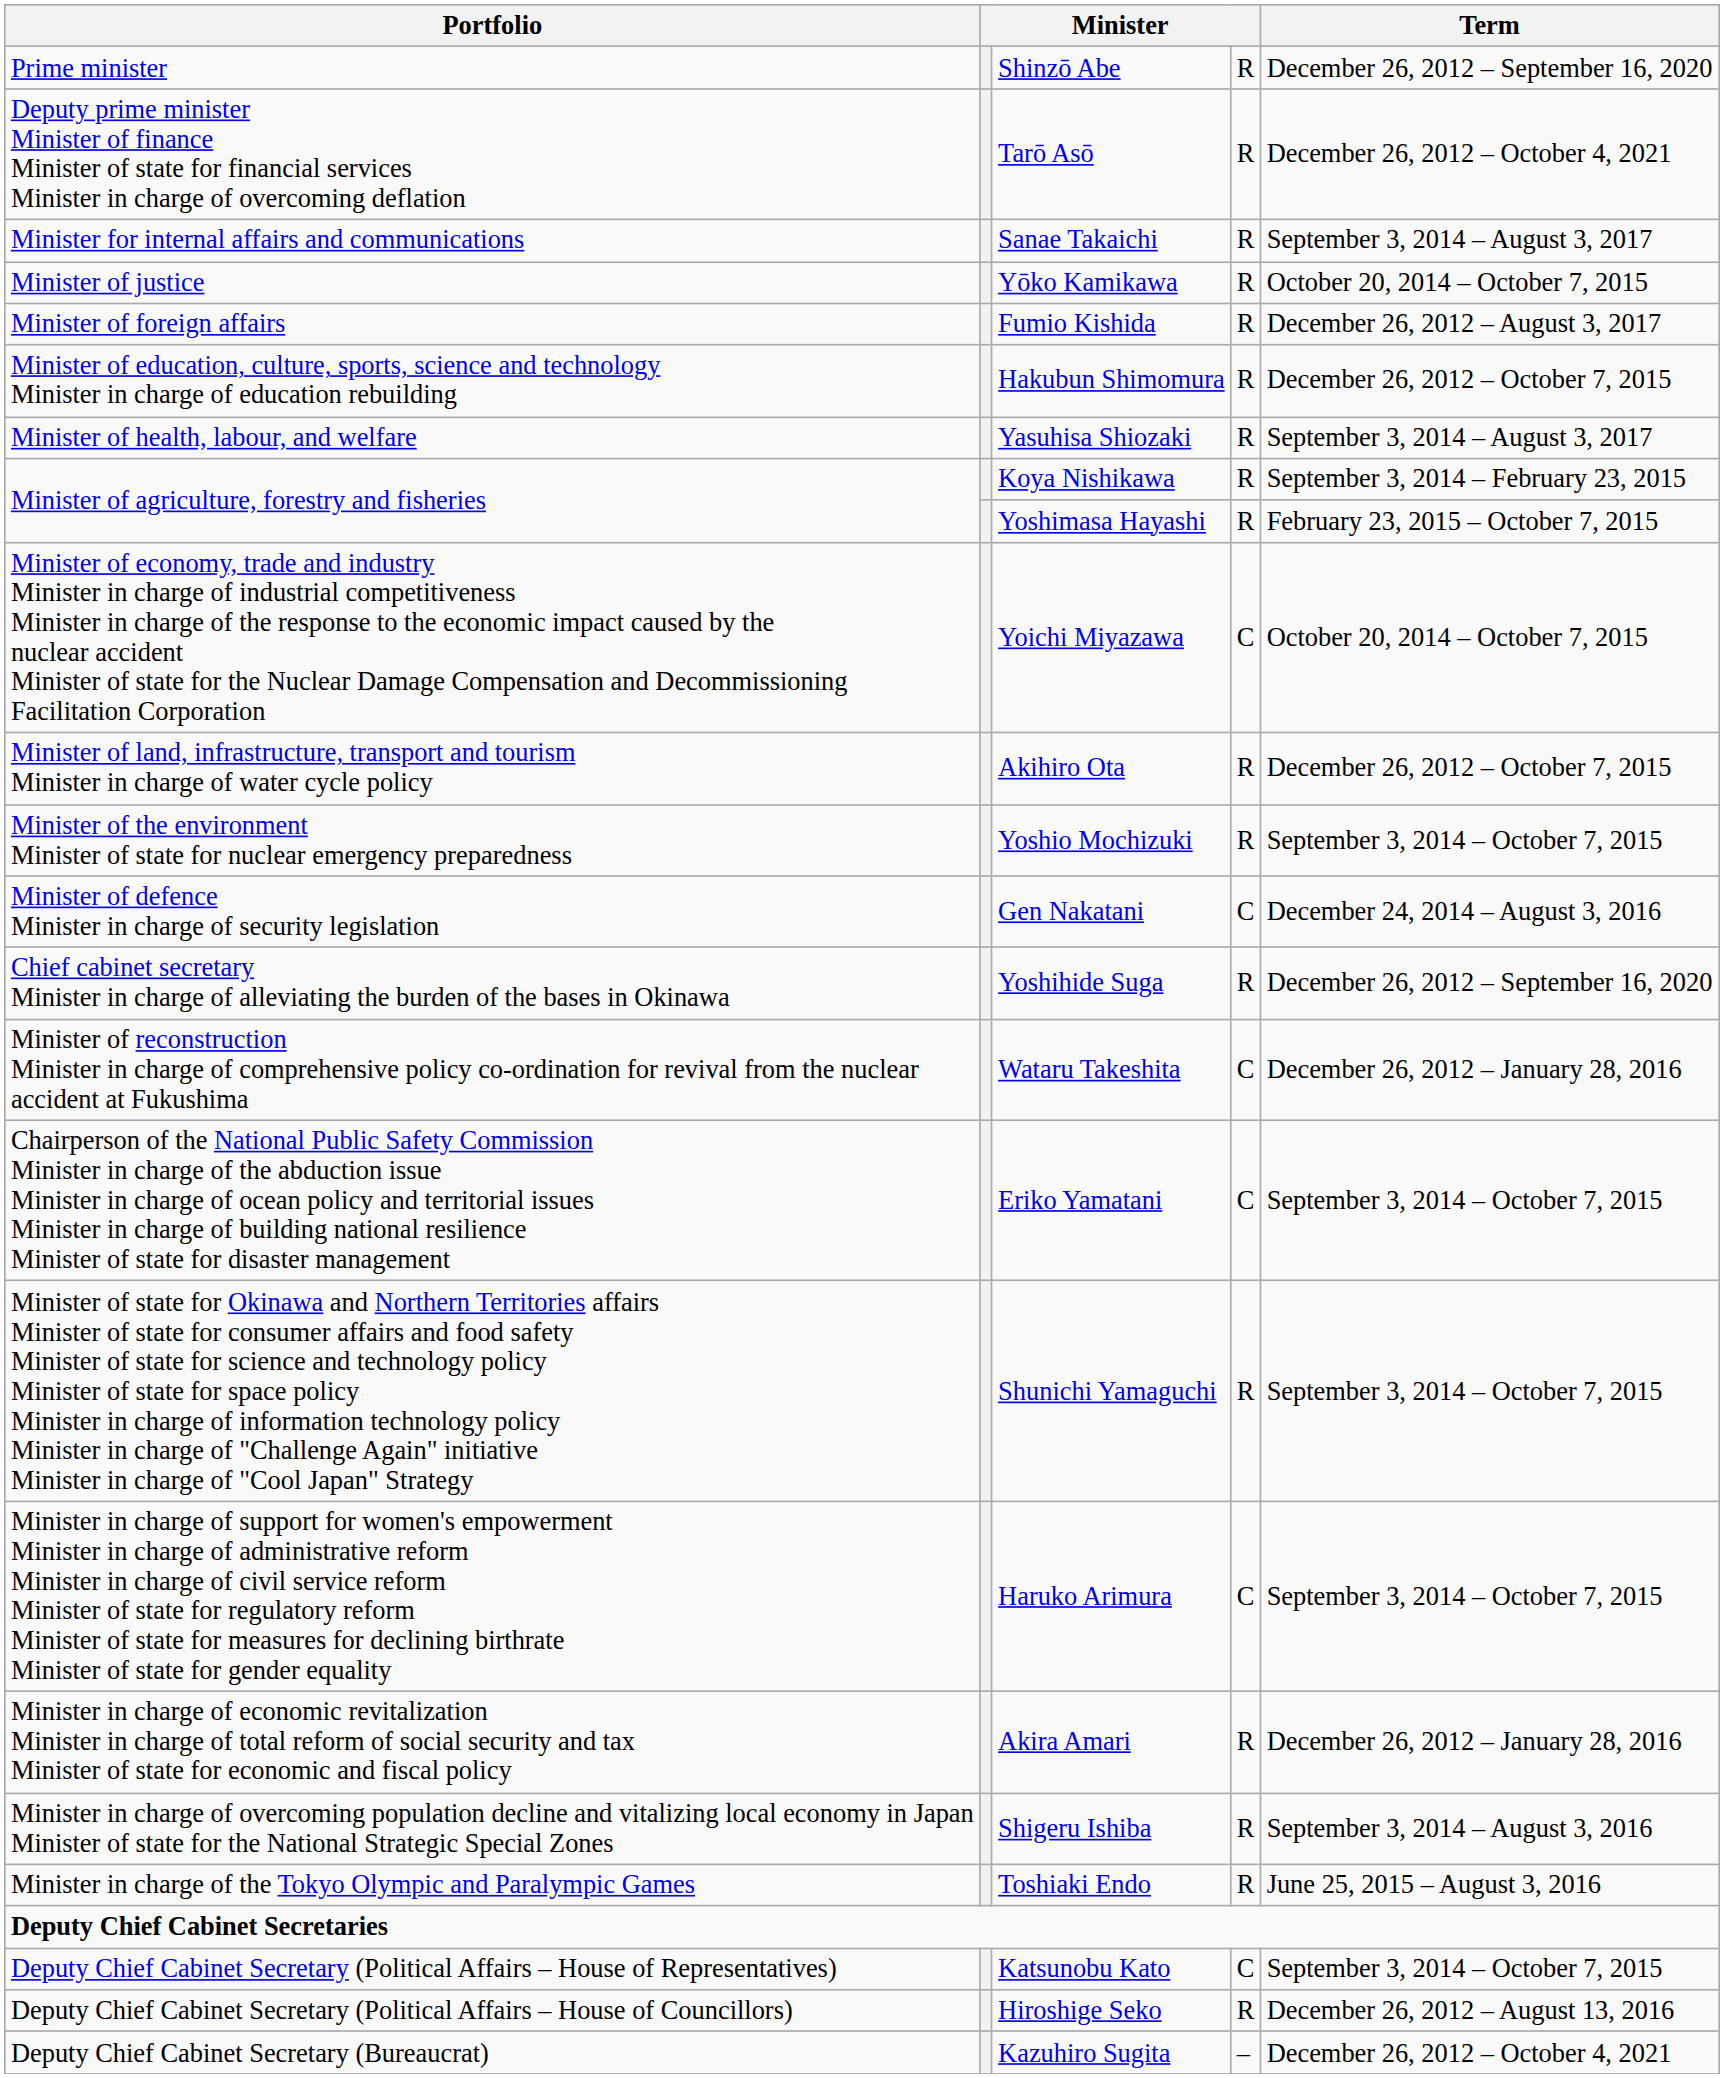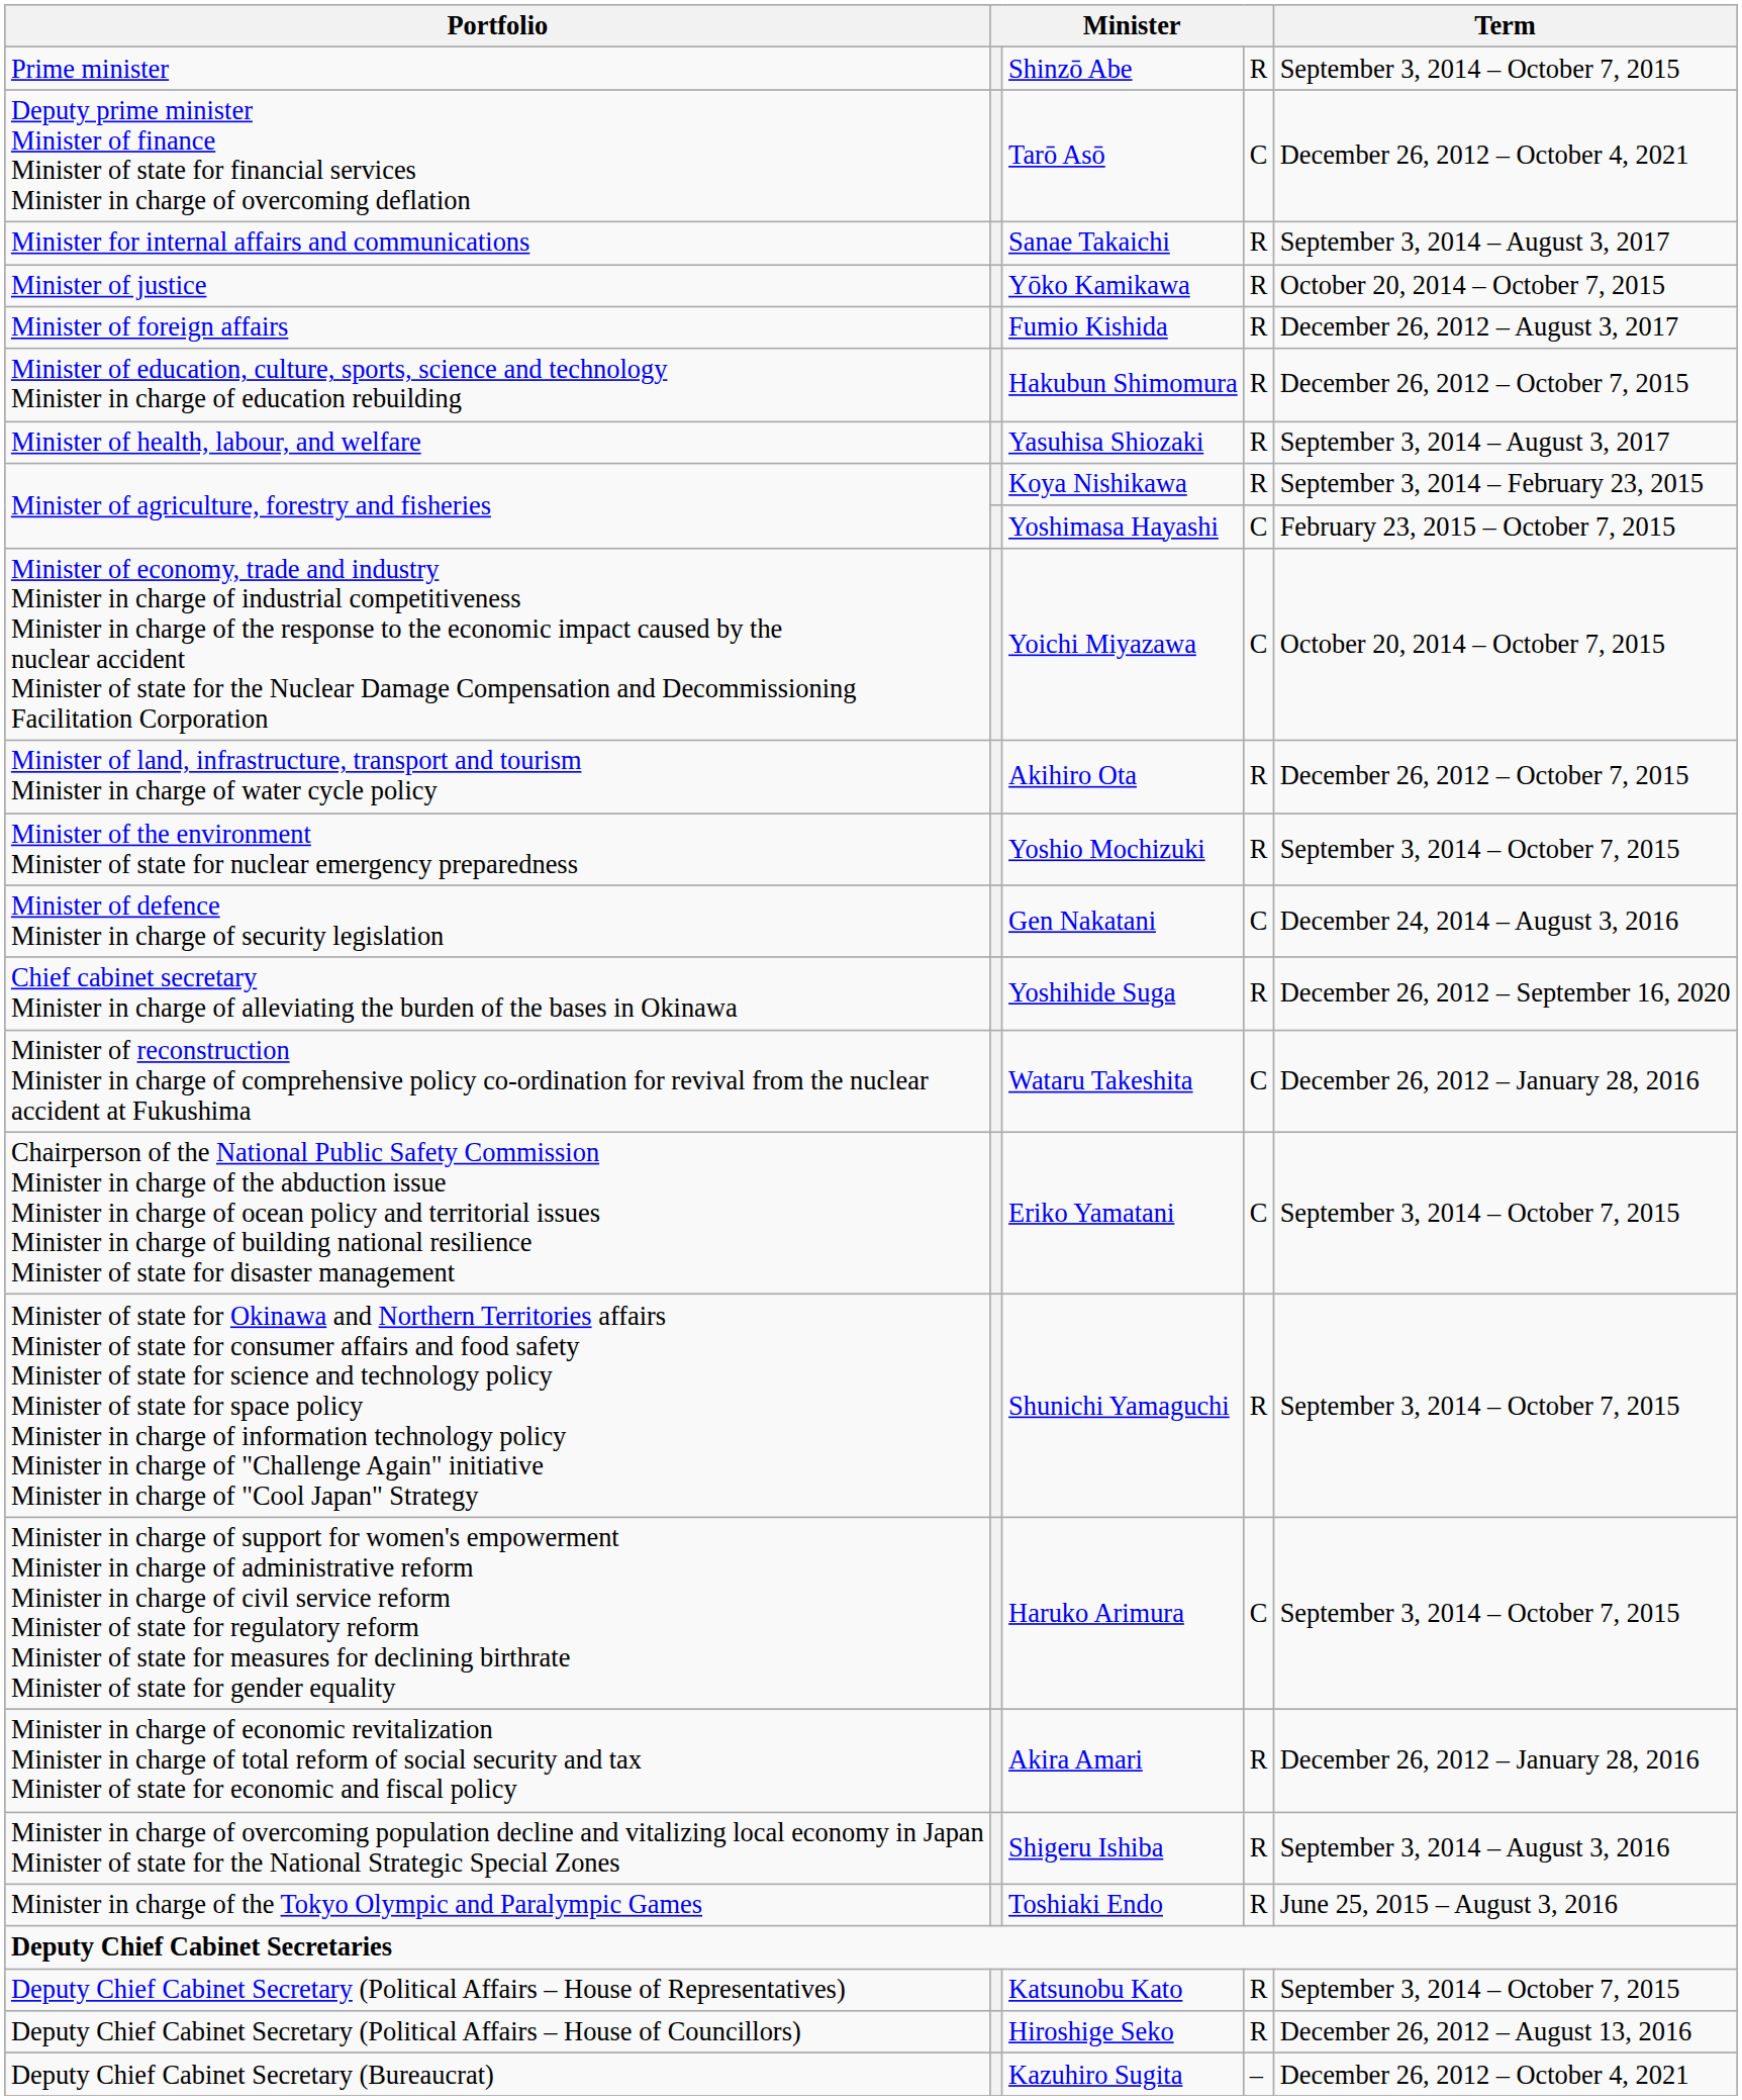 <table class="wikitable">
 <tr>
 <th>Portfolio</th>
 <th colspan=3>Minister</th>
 <th colspan=2>Term</th>
 </tr>
 <tr>
 <td><a href='#'>Prime minister</a></td>
 <th style="color:inherit;background-color: "></th>
 <td><a href='#'>Shinzō Abe</a></td>
 <td>R</td>
-<td>December 26, 2012 – September 16, 2020</td>
+<td>September 3, 2014 – October 7, 2015</td>
 </tr>
 <tr>
 <td><a href='#'>Deputy prime minister</a><br><a href='#'>Minister of finance</a><br>Minister of state for financial services<br>Minister in charge of overcoming deflation</td>
 <th style="color:inherit;background-color: "></th>
 <td><a href='#'>Tarō Asō</a></td>
-<td>R</td>
+<td>C</td>
 <td>December 26, 2012 – October 4, 2021</td>
 </tr>
 <tr>
 <td><a href='#'>Minister for internal affairs and communications</a></td>
 <th style="color:inherit;background-color: "></th>
 <td><a href='#'>Sanae Takaichi</a></td>
 <td>R</td>
 <td>September 3, 2014 – August 3, 2017</td>
 </tr>
 <tr>
 <td><a href='#'>Minister of justice</a></td>
 <th style="color:inherit;background-color: "></th>
 <td><a href='#'>Yōko Kamikawa</a></td>
 <td>R</td>
 <td>October 20, 2014 – October 7, 2015</td>
 </tr>
 <tr>
 <td><a href='#'>Minister of foreign affairs</a></td>
 <th style="color:inherit;background-color: "></th>
 <td><a href='#'>Fumio Kishida</a></td>
 <td>R</td>
 <td>December 26, 2012 – August 3, 2017</td>
 </tr>
 <tr>
 <td><a href='#'>Minister of education, culture, sports, science and technology</a><br>Minister in charge of education rebuilding</td>
 <th style="color:inherit;background-color: "></th>
 <td><a href='#'>Hakubun Shimomura</a></td>
 <td>R</td>
 <td>December 26, 2012 – October 7, 2015</td>
 </tr>
 <tr>
 <td><a href='#'>Minister of health, labour, and welfare</a></td>
 <th style="color:inherit;background-color: "></th>
 <td><a href='#'>Yasuhisa Shiozaki</a></td>
 <td>R</td>
 <td>September 3, 2014 – August 3, 2017</td>
 </tr>
 <tr>
 <td rowspan=2><a href='#'>Minister of agriculture, forestry and fisheries</a></td>
 <th style="color:inherit;background-color: "></th>
 <td><a href='#'>Koya Nishikawa</a></td>
 <td>R</td>
 <td>September 3, 2014 – February 23, 2015</td>
 </tr>
 <tr>
 <th style="color:inherit;background-color: "></th>
 <td><a href='#'>Yoshimasa Hayashi</a></td>
-<td>R</td>
+<td>C</td>
 <td>February 23, 2015 – October 7, 2015</td>
 </tr>
 <tr>
 <td><a href='#'>Minister of economy, trade and industry</a><br>Minister in charge of industrial competitiveness<br>Minister in charge of the response to the economic impact caused by the<br>nuclear accident<br>Minister of state for the Nuclear Damage Compensation and Decommissioning<br>Facilitation Corporation</td>
 <th style="color:inherit;background-color: "></th>
 <td><a href='#'>Yoichi Miyazawa</a></td>
 <td>C</td>
 <td>October 20, 2014 – October 7, 2015</td>
 </tr>
 <tr>
 <td><a href='#'>Minister of land, infrastructure, transport and tourism</a><br>Minister in charge of water cycle policy</td>
 <th style="color:inherit;background-color: "></th>
 <td><a href='#'>Akihiro Ota</a></td>
 <td>R</td>
 <td>December 26, 2012 – October 7, 2015</td>
 </tr>
 <tr>
 <td><a href='#'>Minister of the environment</a><br>Minister of state for nuclear emergency preparedness</td>
 <th style="color:inherit;background-color: "></th>
 <td><a href='#'>Yoshio Mochizuki</a></td>
 <td>R</td>
 <td>September 3, 2014 – October 7, 2015</td>
 </tr>
 <tr>
 <td><a href='#'>Minister of defence</a><br>Minister in charge of security legislation</td>
 <th style="color:inherit;background-color: "></th>
 <td><a href='#'>Gen Nakatani</a></td>
 <td>C</td>
 <td>December 24, 2014 – August 3, 2016</td>
 </tr>
 <tr>
 <td><a href='#'>Chief cabinet secretary</a><br>Minister in charge of alleviating the burden of the bases in Okinawa</td>
 <th style="color:inherit;background-color: "></th>
 <td><a href='#'>Yoshihide Suga</a></td>
 <td>R</td>
 <td>December 26, 2012 – September 16, 2020</td>
 </tr>
 <tr>
 <td>Minister of <a href='#'>reconstruction</a><br>Minister in charge of comprehensive policy co-ordination for revival from the nuclear<br>accident at Fukushima</td>
 <th style="color:inherit;background-color: "></th>
 <td><a href='#'>Wataru Takeshita</a></td>
 <td>C</td>
 <td>December 26, 2012 – January 28, 2016</td>
 </tr>
 <tr>
 <td>Chairperson of the <a href='#'>National Public Safety Commission</a><br>Minister in charge of the abduction issue<br>Minister in charge of ocean policy and territorial issues<br>Minister in charge of building national resilience<br>Minister of state for disaster management</td>
 <th style="color:inherit;background-color: "></th>
 <td><a href='#'>Eriko Yamatani</a></td>
 <td>C</td>
 <td>September 3, 2014 – October 7, 2015</td>
 </tr>
 <tr>
 <td>Minister of state for <a href='#'>Okinawa</a> and <a href='#'>Northern Territories</a> affairs<br>Minister of state for consumer affairs and food safety<br>Minister of state for science and technology policy<br>Minister of state for space policy<br>Minister in charge of information technology policy<br>Minister in charge of "Challenge Again" initiative<br>Minister in charge of "Cool Japan" Strategy</td>
 <th style="color:inherit;background-color: "></th>
 <td><a href='#'>Shunichi Yamaguchi</a></td>
 <td>R</td>
 <td>September 3, 2014 – October 7, 2015</td>
 </tr>
 <tr>
 <td>Minister in charge of support for women's empowerment<br>Minister in charge of administrative reform<br>Minister in charge of civil service reform<br>Minister of state for regulatory reform<br>Minister of state for measures for declining birthrate<br>Minister of state for gender equality</td>
 <th style="color:inherit;background-color: "></th>
 <td><a href='#'>Haruko Arimura</a></td>
 <td>C</td>
 <td>September 3, 2014 – October 7, 2015</td>
 </tr>
 <tr>
 <td>Minister in charge of economic revitalization<br>Minister in charge of total reform of social security and tax<br>Minister of state for economic and fiscal policy</td>
 <th style="color:inherit;background-color: "></th>
 <td><a href='#'>Akira Amari</a></td>
 <td>R</td>
 <td>December 26, 2012 – January 28, 2016</td>
 </tr>
 <tr>
 <td>Minister in charge of overcoming population decline and vitalizing local economy in Japan<br>Minister of state for the National Strategic Special Zones</td>
 <th style="color:inherit;background-color: "></th>
 <td><a href='#'>Shigeru Ishiba</a></td>
 <td>R</td>
 <td>September 3, 2014 – August 3, 2016</td>
 </tr>
 <tr>
 <td>Minister in charge of the <a href='#'>Tokyo Olympic and Paralympic Games</a></td>
 <th style="color:inherit;background-color: "></th>
 <td><a href='#'>Toshiaki Endo</a></td>
 <td>R</td>
 <td>June 25, 2015 – August 3, 2016</td>
 </tr>
 <tr>
 <td colspan=5><strong>Deputy Chief Cabinet Secretaries</strong></td>
 </tr>
 <tr>
 <td><a href='#'>Deputy Chief Cabinet Secretary</a> (Political Affairs – House of Representatives)</td>
 <th style="color:inherit;background-color: "></th>
 <td><a href='#'>Katsunobu Kato</a></td>
-<td>C</td>
+<td>R</td>
 <td>September 3, 2014 – October 7, 2015</td>
 </tr>
 <tr>
 <td>Deputy Chief Cabinet Secretary (Political Affairs – House of Councillors)</td>
 <th style="color:inherit;background-color: "></th>
 <td><a href='#'>Hiroshige Seko</a></td>
 <td>R</td>
 <td>December 26, 2012 – August 13, 2016</td>
 </tr>
 <tr>
 <td>Deputy Chief Cabinet Secretary (Bureaucrat)</td>
 <th style="color:inherit;background-color: "></th>
 <td><a href='#'>Kazuhiro Sugita</a></td>
 <td>–</td>
 <td>December 26, 2012 – October 4, 2021</td>
 </tr>
 </table>
